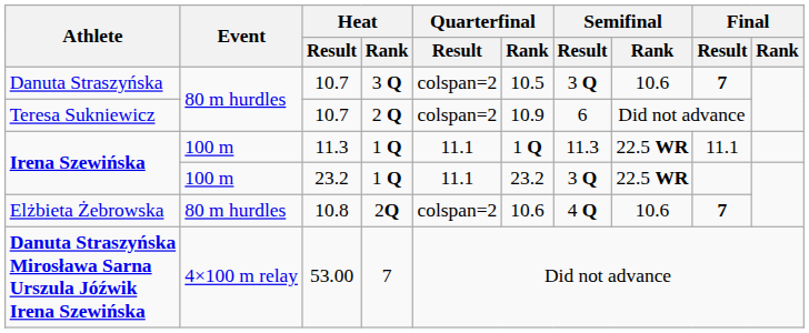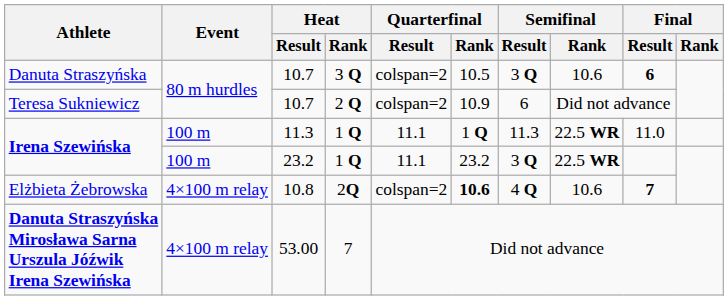 <table class="wikitable" style="font-size:90%">
 <tr>
 <th rowspan="2">Athlete</th>
 <th rowspan="2">Event</th>
 <th colspan="2">Heat</th>
 <th colspan="2">Quarterfinal</th>
 <th colspan="2">Semifinal</th>
 <th colspan="2">Final</th>
 </tr>
 <tr style="font-size:95%">
 <th>Result</th>
 <th>Rank</th>
 <th>Result</th>
 <th>Rank</th>
 <th>Result</th>
 <th>Rank</th>
 <th>Result</th>
 <th>Rank</th>
 </tr>
 <tr align=center>
 <td align=left><a href='#'>Danuta Straszyńska</a></td>
 <td align=left  rowspan=2><a href='#'>80 m hurdles</a></td>
 <td>10.7</td>
 <td>3 <strong>Q</strong></td>
 <td>colspan=2 </td>
 <td>10.5</td>
 <td>3 <strong>Q</strong></td>
 <td>10.6</td>
-<td><strong>7</strong></td>
+<td><strong>6</strong></td>
 </tr>
 <tr align=center>
 <td align=left><a href='#'>Teresa Sukniewicz</a></td>
 <td>10.7</td>
 <td>2 <strong>Q</strong></td>
 <td>colspan=2 </td>
 <td>10.9</td>
 <td>6</td>
 <td colspan=2>Did not advance</td>
 </tr>
 <tr align=center>
 <td align=left rowspan=2><strong><a href='#'>Irena Szewińska</a></strong></td>
 <td align=left><a href='#'>100 m</a></td>
 <td>11.3</td>
 <td>1 <strong>Q</strong></td>
 <td>11.1</td>
 <td>1 <strong>Q</strong></td>
 <td>11.3</td>
 <td>22.5 <strong>WR</strong></td>
-<td>11.1</td>
+<td>11.0</td>
 <td></td>
 </tr>
 <tr align=center>
 <td align=left><a href='#'>100 m</a></td>
 <td>23.2</td>
 <td>1 <strong>Q</strong></td>
 <td>11.1</td>
 <td>23.2</td>
 <td>3 <strong>Q</strong></td>
 <td>22.5 <strong>WR</strong></td>
 <td></td>
 </tr>
 <tr align=center>
 <td align=left><a href='#'>Elżbieta Żebrowska</a></td>
-<td align=left><a href='#'>80 m hurdles</a></td>
+<td align=left><a href='#'>4×100 m relay</a></td>
 <td>10.8</td>
 <td>2<strong>Q</strong></td>
 <td>colspan=2 </td>
-<td>10.6</td>
+<td><strong>10.6</strong></td>
 <td>4 <strong>Q</strong></td>
 <td>10.6</td>
 <td><strong>7</strong></td>
 </tr>
 <tr align=center>
 <td align=left><strong><a href='#'>Danuta Straszyńska</a><br><a href='#'>Mirosława Sarna</a><br><a href='#'>Urszula Jóźwik</a><br><a href='#'>Irena Szewińska</a></strong></td>
 <td align=left><a href='#'>4×100 m relay</a></td>
 <td>53.00</td>
 <td>7</td>
 <td colspan=6>Did not advance</td>
 </tr>
 </table>
